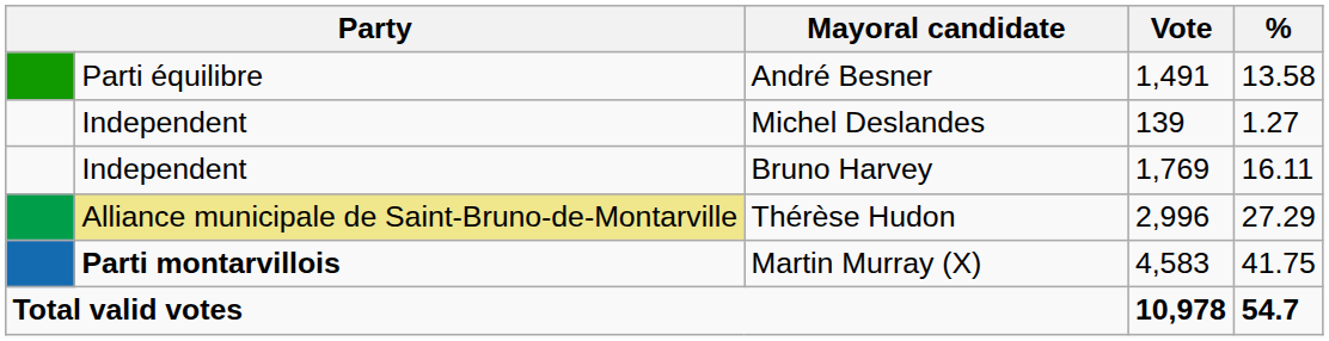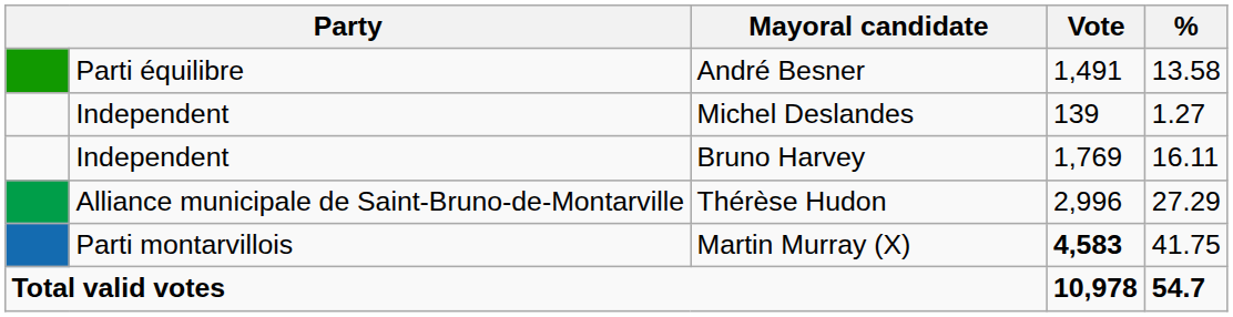 <table class="wikitable">
 <tr>
 <th bgcolor="#DDDDFF" width="230px" colspan="2">Party</th>
 <th bgcolor="#DDDDFF" width="200px">Mayoral candidate</th>
 <th bgcolor="#DDDDFF" width="50px">Vote</th>
 <th bgcolor="#DDDDFF" width="30px">%</th>
 </tr>
 <tr>
 <td bgcolor=#119900  width="30px"> </td>
 <td>Parti équilibre</td>
 <td>André Besner</td>
 <td>1,491</td>
 <td>13.58</td>
 </tr>
 <tr>
 <td> </td>
 <td>Independent</td>
 <td>Michel Deslandes</td>
 <td>139</td>
 <td>1.27</td>
 </tr>
 <tr>
 <td> </td>
 <td>Independent</td>
 <td>Bruno Harvey</td>
 <td>1,769</td>
 <td>16.11</td>
 </tr>
 <tr>
 <td bgcolor=#009E49  width="30px"> </td>
-<td style="background: khaki;">Alliance municipale de Saint-Bruno-de-Montarville</td>
+<td>Alliance municipale de Saint-Bruno-de-Montarville</td>
 <td>Thérèse Hudon</td>
 <td>2,996</td>
 <td>27.29</td>
 </tr>
 <tr>
 <td bgcolor=#146BB0> </td>
-<td><strong>Parti montarvillois</strong></td>
+<td>Parti montarvillois</td>
 <td>Martin Murray (X)</td>
-<td>4,583</td>
+<td><strong>4,583</strong></td>
 <td>41.75</td>
 </tr>
 <tr>
 <td colspan="3"><strong>Total valid votes</strong></td>
 <td><strong>10,978</strong></td>
 <td><strong>54.7</strong></td>
 </tr>
 </table>
